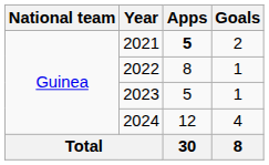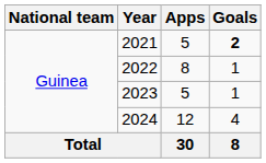 <table class="wikitable" style="text-align:center">
 <tr>
 <th>National team</th>
 <th>Year</th>
 <th>Apps</th>
 <th>Goals</th>
 </tr>
 <tr>
 <td rowspan="4"><a href='#'>Guinea</a></td>
 <td>2021</td>
-<td><strong>5</strong></td>
-<td>2</td>
+<td>5</td>
+<td><strong>2</strong></td>
 </tr>
 <tr>
 <td>2022</td>
 <td>8</td>
 <td>1</td>
 </tr>
 <tr>
 <td>2023</td>
 <td>5</td>
 <td>1</td>
 </tr>
 <tr>
 <td>2024</td>
 <td>12</td>
 <td>4</td>
 </tr>
 <tr>
 <th colspan="2">Total</th>
 <th>30</th>
 <th>8</th>
 </tr>
 </table>
